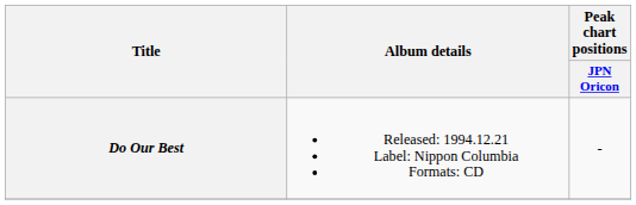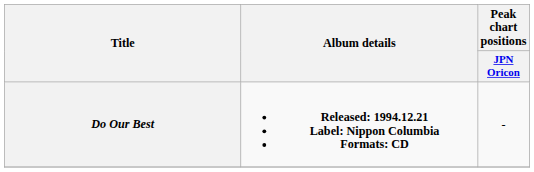 <table class="wikitable plainrowheaders" style="text-align:center;">
 <tr>
 <th scope="col" rowspan="2" style="width:19em;">Title</th>
 <th scope="col" rowspan="2" style="width:19em;">Album details</th>
 <th scope="col">Peak chart positions</th>
 </tr>
 <tr>
 <th scope="col" style="width:2.9em;font-size:90%;"><a href='#'>JPN<br>Oricon</a><br></th>
 </tr>
 <tr>
 <th scope="row"><em>Do Our Best</em></th>
-<td><br><ul><li>Released: 1994.12.21</li><li>Label: Nippon Columbia</li><li>Formats: CD</li></ul></td>
+<td><strong><br><ul><li>Released: 1994.12.21</li><li>Label: Nippon Columbia</li><li>Formats: CD</li></ul></strong></td>
 <td align="center">-</td>
 </tr>
 <tr>
 </tr>
 </table>
